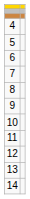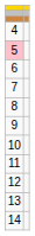 <table class="wikitable">
 <tr style="background:gold;">
 <td align=center></td>
 <td></td>
 </tr>
 <tr style="background:silver;">
 <td align=center></td>
 <td></td>
 </tr>
 <tr style="background:peru;">
 <td align=center></td>
 <td></td>
 </tr>
 <tr>
 <td align=center>4</td>
 <td></td>
 </tr>
 <tr>
-<td align=center>5</td>
+<td align=center style="background: pink;">5</td>
 <td></td>
 </tr>
 <tr>
 <td align=center>6</td>
 <td></td>
 </tr>
 <tr>
 <td align=center>7</td>
 <td></td>
 </tr>
 <tr>
 <td align=center>8</td>
 <td></td>
 </tr>
 <tr>
 <td align=center>9</td>
 <td></td>
 </tr>
 <tr>
 <td align=center>10</td>
 <td></td>
 </tr>
 <tr>
 <td align=center>11</td>
 <td></td>
 </tr>
 <tr>
 <td align=center>12</td>
 <td></td>
 </tr>
 <tr>
 <td align=center>13</td>
 <td></td>
 </tr>
 <tr>
 <td align=center>14</td>
 <td></td>
 </tr>
 </table>
